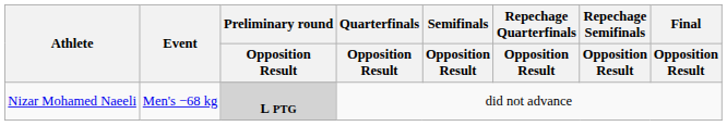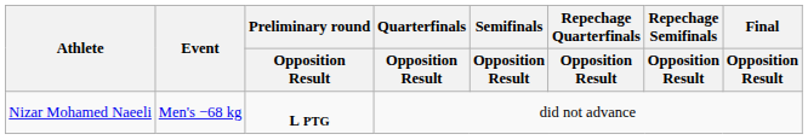 <table class="wikitable" border="1" style="font-size:90%">
 <tr>
 <th rowspan=2>Athlete</th>
 <th rowspan=2>Event</th>
 <th>Preliminary round</th>
 <th>Quarterfinals</th>
 <th>Semifinals</th>
 <th>Repechage <br> Quarterfinals</th>
 <th>Repechage <br> Semifinals</th>
 <th>Final</th>
 </tr>
 <tr>
 <th>Opposition<br>Result</th>
 <th>Opposition<br>Result</th>
 <th>Opposition<br>Result</th>
 <th>Opposition<br>Result</th>
 <th>Opposition<br>Result</th>
 <th>Opposition<br>Result</th>
 </tr>
 <tr>
 <td><a href='#'>Nizar Mohamed Naeeli</a></td>
 <td><a href='#'>Men's −68 kg</a></td>
-<td align=center style="background: lightgrey;"><br><strong>L</strong> <small><strong>PTG</strong></small></td>
+<td align=center><br><strong>L</strong> <small><strong>PTG</strong></small></td>
 <td align=center colspan=5>did not advance</td>
 </tr>
 </table>
